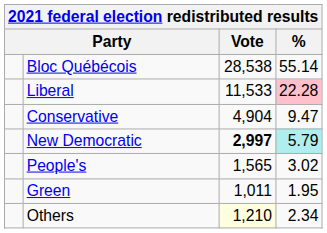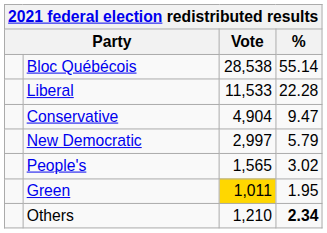 <table class="wikitable">
 <tr>
 <th colspan="4"><a href='#'>2021 federal election</a> redistributed results</th>
 </tr>
 <tr>
 <th bgcolor="#DDDDFF" width="130px" colspan="2">Party</th>
 <th bgcolor="#DDDDFF" width="50px">Vote</th>
 <th bgcolor="#DDDDFF" width="30px">%</th>
 </tr>
 <tr>
 <td> </td>
 <td><a href='#'>Bloc Québécois</a></td>
 <td align=right>28,538</td>
 <td align=right>55.14</td>
 </tr>
 <tr>
 <td> </td>
 <td><a href='#'>Liberal</a></td>
 <td align=right>11,533</td>
-<td align=right style="background: pink;">22.28</td>
+<td align=right>22.28</td>
 </tr>
 <tr>
 <td> </td>
 <td><a href='#'>Conservative</a></td>
 <td align=right>4,904</td>
 <td align=right>9.47</td>
 </tr>
 <tr>
 <td> </td>
 <td><a href='#'>New Democratic</a></td>
-<td align=right><strong>2,997</strong></td>
-<td align=right style="background: paleturquoise;">5.79</td>
+<td align=right>2,997</td>
+<td align=right>5.79</td>
 </tr>
 <tr>
 <td> </td>
 <td><a href='#'>People's</a></td>
 <td align=right>1,565</td>
 <td align=right>3.02</td>
 </tr>
 <tr>
 <td> </td>
 <td><a href='#'>Green</a></td>
-<td align=right>1,011</td>
+<td align=right style="background: gold;">1,011</td>
 <td align=right>1.95</td>
 </tr>
 <tr>
 <td> </td>
 <td>Others</td>
-<td align=right style="background: lightyellow;">1,210</td>
-<td align=right>2.34</td>
+<td align=right>1,210</td>
+<td align=right><strong>2.34</strong></td>
 </tr>
 </table>
